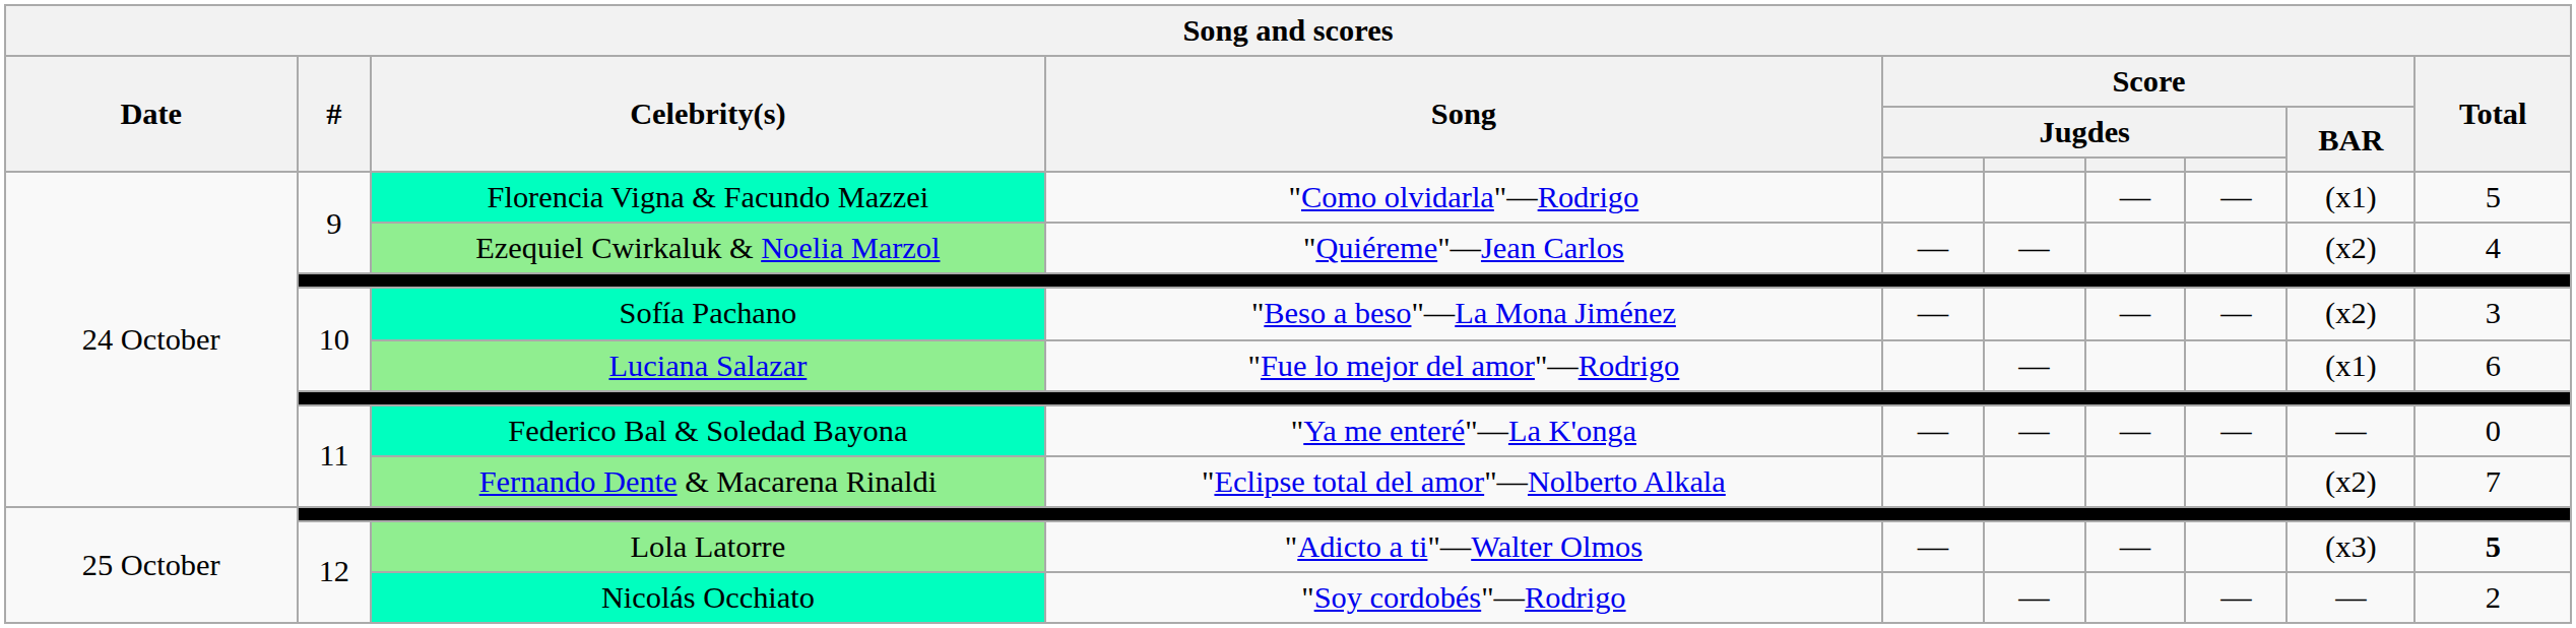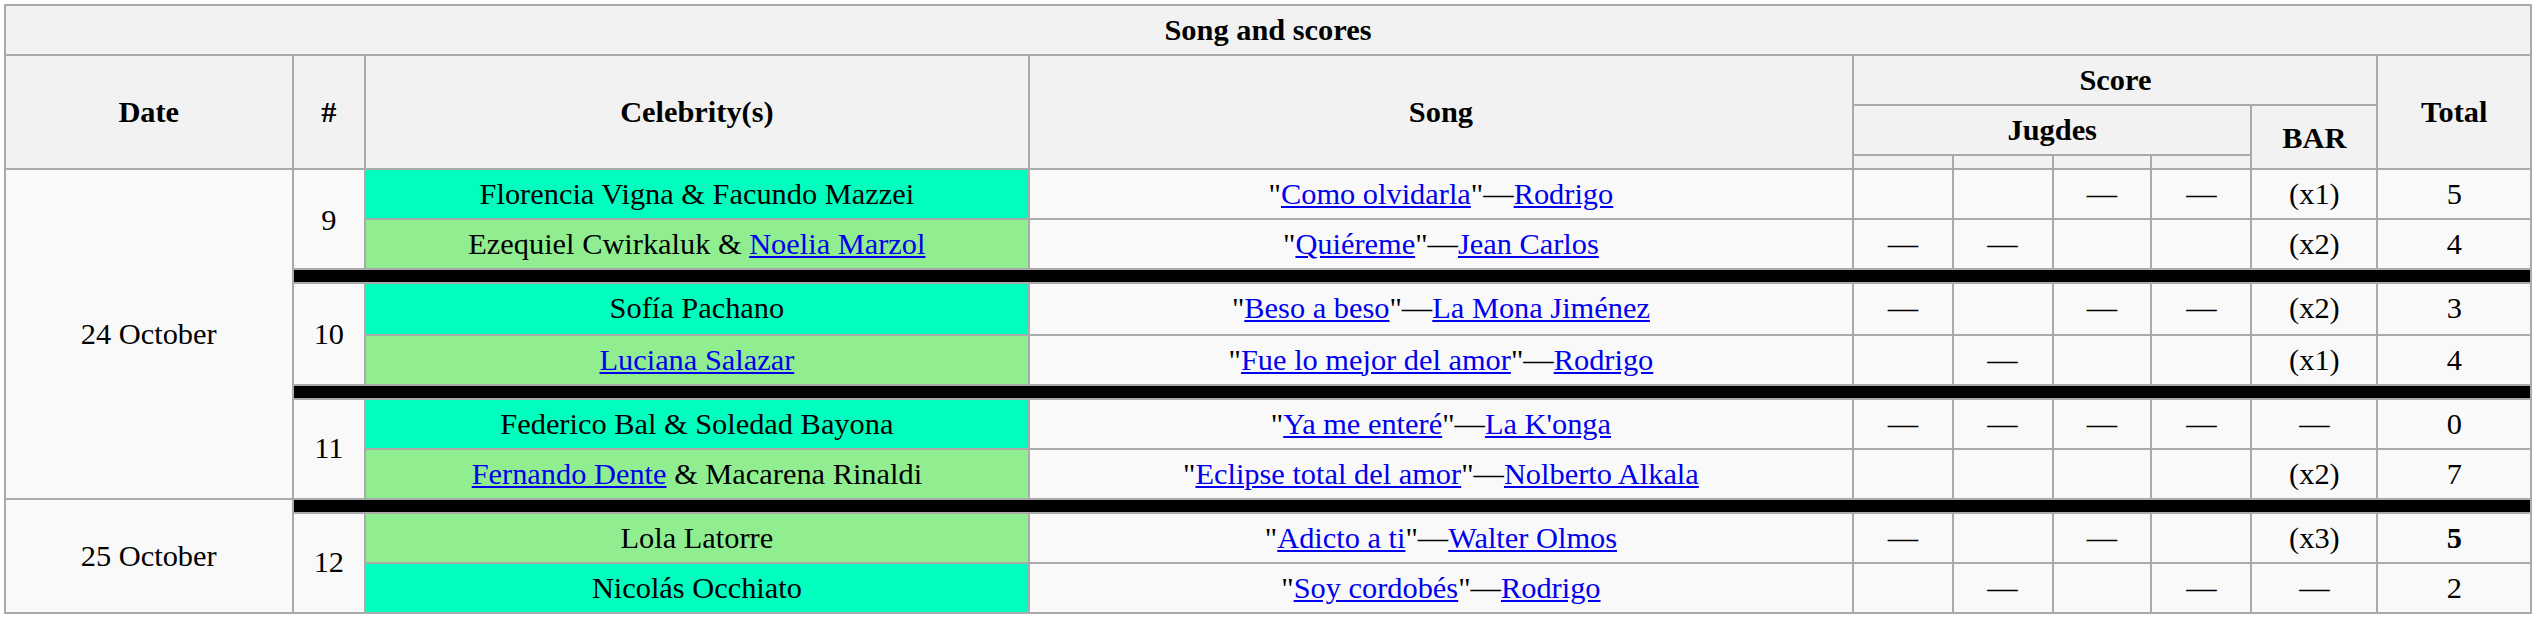 <table class="wikitable collapsible collapsed" style="font-size:95%; text-align: center; width: 100%;">
 <tr>
 <th colspan="11" style="with: 100%;" align=center>Song and scores</th>
 </tr>
 <tr>
 <th rowspan="3" width="100">Date</th>
 <th rowspan="3" width="20">#</th>
 <th rowspan="3" width="240">Celebrity(s)</th>
 <th rowspan="3" width="300">Song</th>
 <th colspan="5">Score</th>
 <th rowspan="3" width="50">Total</th>
 </tr>
 <tr>
 <th colspan="4">Jugdes</th>
 <th rowspan="2" width=40>BAR<br></th>
 </tr>
 <tr>
 <th width=30></th>
 <th width=30></th>
 <th width=30></th>
 <th width=30></th>
 </tr>
 <tr>
 <td rowspan="8">24 October</td>
 <td rowspan="2">9</td>
 <td bgcolor="#00FFBF">Florencia Vigna & Facundo Mazzei</td>
 <td>"<a href='#'>Como olvidarla</a>"—<a href='#'>Rodrigo</a></td>
 <td></td>
 <td></td>
 <td>—</td>
 <td>—</td>
 <td> (x1)</td>
 <td>5</td>
 </tr>
 <tr>
 <td bgcolor="lightgreen">Ezequiel Cwirkaluk & <a href='#'>Noelia Marzol</a></td>
 <td>"<a href='#'>Quiéreme</a>"—<a href='#'>Jean Carlos</a></td>
 <td>—</td>
 <td>—</td>
 <td></td>
 <td></td>
 <td> (x2)</td>
 <td>4</td>
 </tr>
 <tr>
 <td style="background:black" colspan=19></td>
 </tr>
 <tr>
 <td rowspan="2">10</td>
 <td bgcolor="#00FFBF">Sofía Pachano</td>
 <td>"<a href='#'>Beso a beso</a>"—<a href='#'>La Mona Jiménez</a></td>
 <td>—</td>
 <td></td>
 <td>—</td>
 <td>—</td>
 <td> (x2)</td>
 <td>3</td>
 </tr>
 <tr>
 <td bgcolor="lightgreen"><a href='#'>Luciana Salazar</a></td>
 <td>"<a href='#'>Fue lo mejor del amor</a>"—<a href='#'>Rodrigo</a></td>
 <td></td>
 <td>—</td>
 <td></td>
 <td></td>
 <td> (x1)</td>
-<td>6</td>
+<td>4</td>
 </tr>
 <tr>
 <td style="background:black" colspan=19></td>
 </tr>
 <tr>
 <td rowspan="2">11</td>
 <td bgcolor="#00FFBF">Federico Bal & Soledad Bayona</td>
 <td>"<a href='#'>Ya me enteré</a>"—<a href='#'>La K'onga</a></td>
 <td>—</td>
 <td>—</td>
 <td>—</td>
 <td>—</td>
 <td>—</td>
 <td>0</td>
 </tr>
 <tr>
 <td bgcolor="lightgreen"><a href='#'>Fernando Dente</a> & Macarena Rinaldi</td>
 <td>"<a href='#'>Eclipse total del amor</a>"—<a href='#'>Nolberto Alkala</a></td>
 <td></td>
 <td></td>
 <td></td>
 <td></td>
 <td> (x2)</td>
 <td>7</td>
 </tr>
 <tr>
 <td rowspan="4">25 October</td>
 </tr>
 <tr>
 <td style="background:black" colspan=19></td>
 </tr>
 <tr>
 <td rowspan="2">12</td>
 <td bgcolor="lightgreen">Lola Latorre</td>
 <td>"<a href='#'>Adicto a ti</a>"—<a href='#'>Walter Olmos</a></td>
 <td>—</td>
 <td></td>
 <td>—</td>
 <td></td>
 <td> (x3)</td>
 <td><strong>5</strong></td>
 </tr>
 <tr>
 <td bgcolor="#00FFBF">Nicolás Occhiato</td>
 <td>"<a href='#'>Soy cordobés</a>"—<a href='#'>Rodrigo</a></td>
 <td></td>
 <td>—</td>
 <td></td>
 <td>—</td>
 <td>—</td>
 <td>2</td>
 </tr>
 </table>
